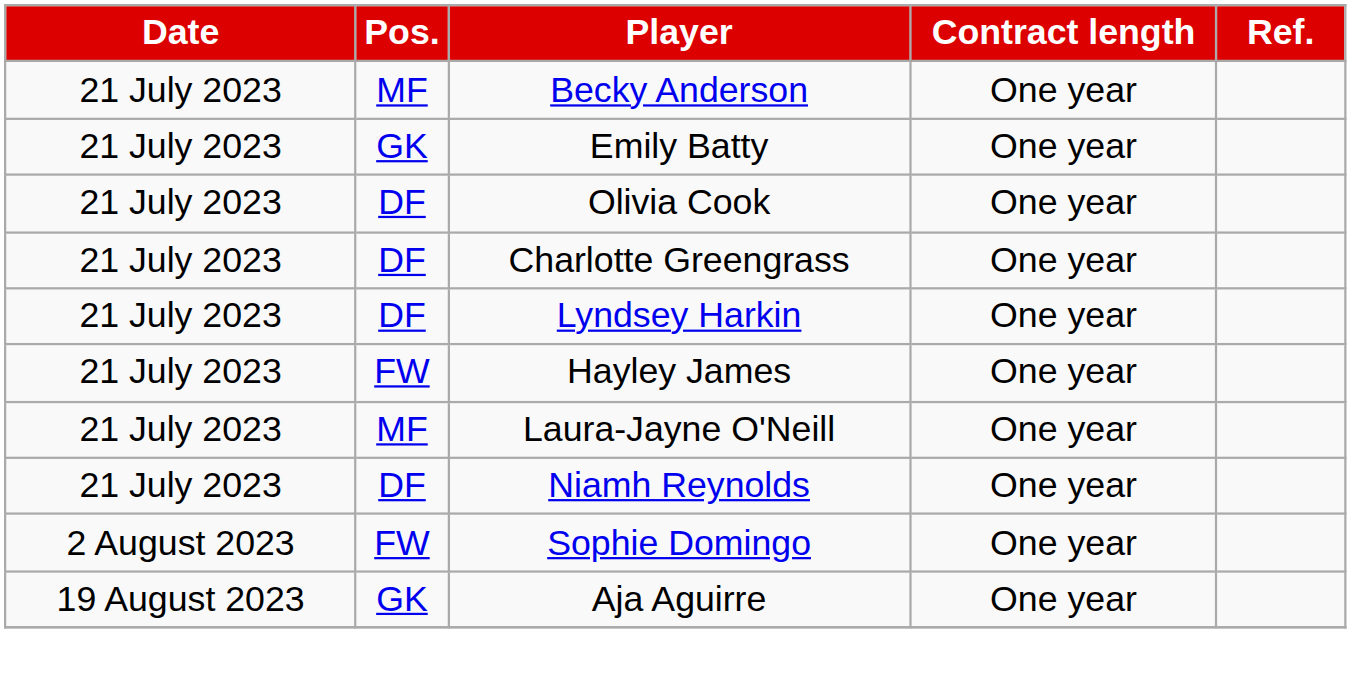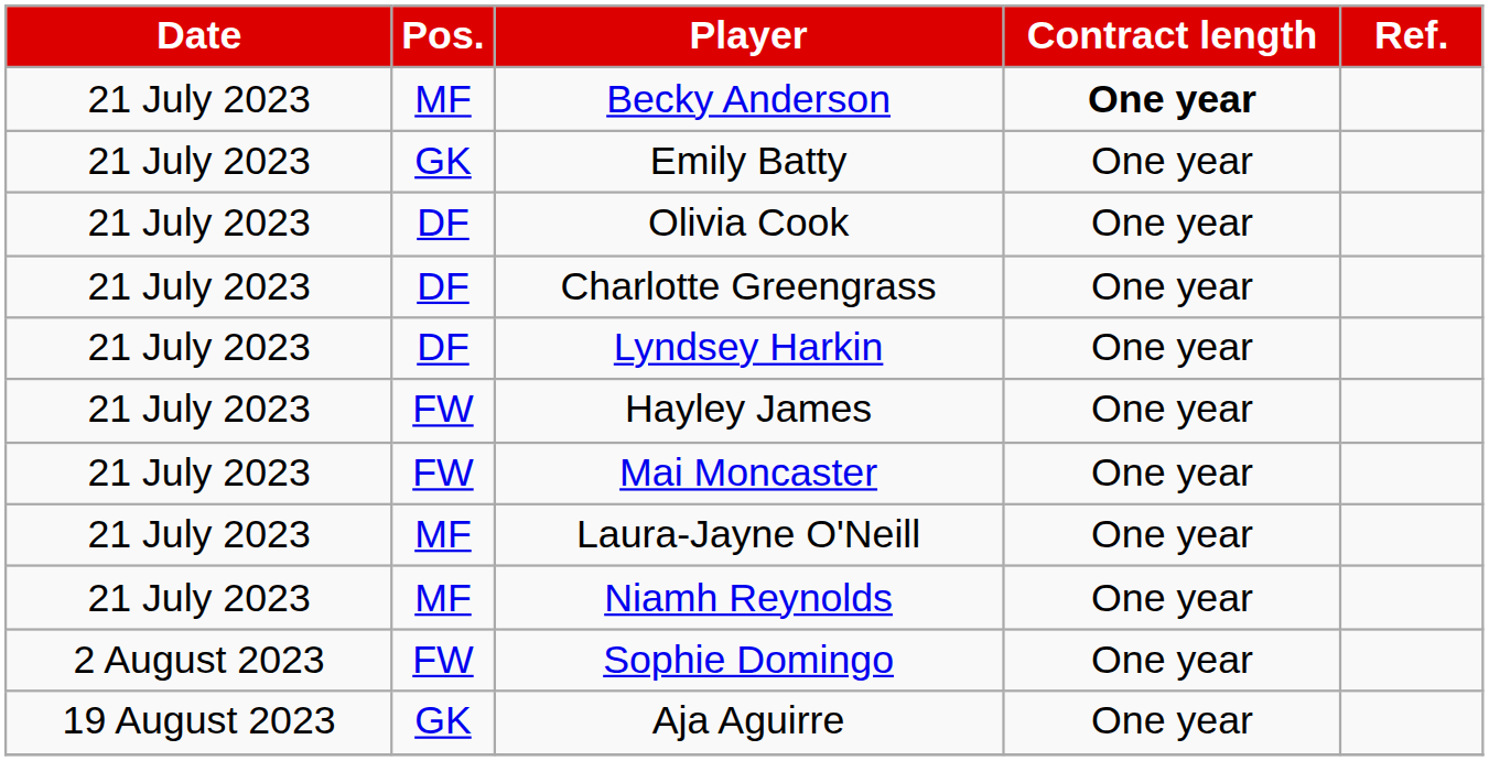 <table class="wikitable" style="text-align:center;">
 <tr>
 <th style="background:#DD0000; color:#FFFFFF; width:150px;">Date</th>
 <th style="background:#DD0000; color:#FFFFFF; width:20px;">Pos.</th>
 <th style="background:#DD0000; color:#FFFFFF; width:200px;">Player</th>
 <th style="background:#DD0000; color:#FFFFFF; width:130px;">Contract length</th>
 <th style="background:#DD0000; color:#FFFFFF; width:50px;">Ref.</th>
 </tr>
 <tr>
 <td>21 July 2023</td>
 <td><a href='#'>MF</a></td>
 <td><a href='#'>Becky Anderson</a></td>
-<td>One year</td>
+<td><strong>One year</strong></td>
 <td></td>
 </tr>
 <tr>
 <td>21 July 2023</td>
 <td><a href='#'>GK</a></td>
 <td>Emily Batty</td>
 <td>One year</td>
 <td></td>
 </tr>
 <tr>
 <td>21 July 2023</td>
 <td><a href='#'>DF</a></td>
 <td>Olivia Cook</td>
 <td>One year</td>
 <td></td>
 </tr>
 <tr>
 <td>21 July 2023</td>
 <td><a href='#'>DF</a></td>
 <td>Charlotte Greengrass</td>
 <td>One year</td>
 <td></td>
 </tr>
 <tr>
 <td>21 July 2023</td>
 <td><a href='#'>DF</a></td>
 <td><a href='#'>Lyndsey Harkin</a></td>
 <td>One year</td>
 <td></td>
 </tr>
 <tr>
 <td>21 July 2023</td>
 <td><a href='#'>FW</a></td>
 <td>Hayley James</td>
 <td>One year</td>
 <td></td>
 </tr>
 <tr>
 <td>21 July 2023</td>
+<td><a href='#'>FW</a></td>
+<td><a href='#'>Mai Moncaster</a></td>
+<td>One year</td>
+<td></td>
+</tr>
+<tr>
+<td>21 July 2023</td>
 <td><a href='#'>MF</a></td>
 <td>Laura-Jayne O'Neill</td>
 <td>One year</td>
 <td></td>
 </tr>
 <tr>
 <td>21 July 2023</td>
-<td><a href='#'>DF</a></td>
+<td><a href='#'>MF</a></td>
 <td><a href='#'>Niamh Reynolds</a></td>
 <td>One year</td>
 <td></td>
 </tr>
 <tr>
 <td>2 August 2023</td>
 <td><a href='#'>FW</a></td>
 <td><a href='#'>Sophie Domingo</a></td>
 <td>One year</td>
 <td></td>
 </tr>
 <tr>
 <td>19 August 2023</td>
 <td><a href='#'>GK</a></td>
 <td>Aja Aguirre</td>
 <td>One year</td>
 <td></td>
 </tr>
 <tr>
 </tr>
 </table>
